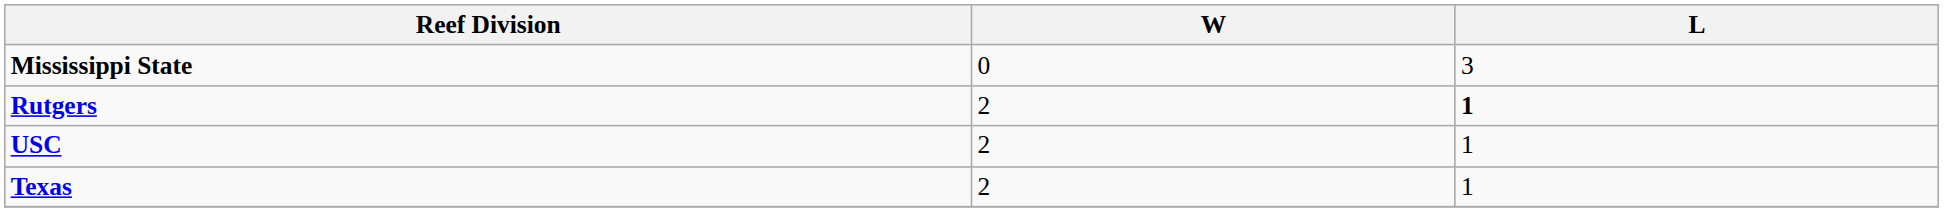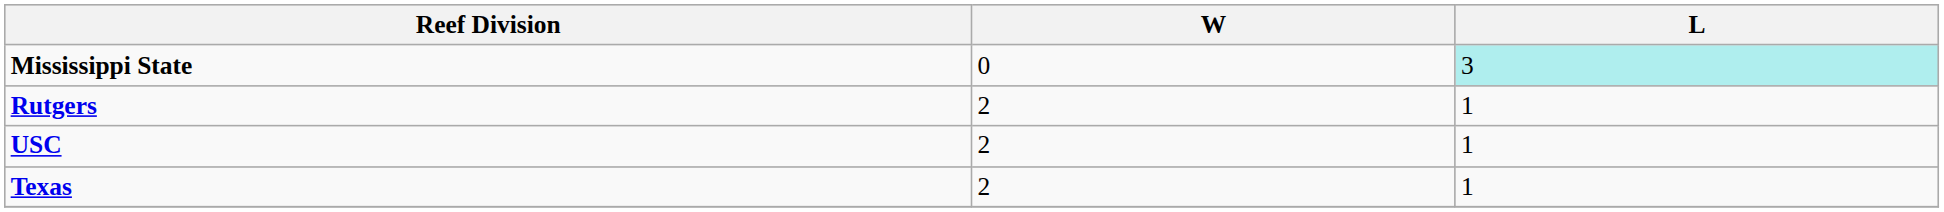 <table class="wikitable">
 <tr>
 <th bgcolor="#DDDDFF" width="10%">Reef Division</th>
 <th bgcolor="#DDDDFF" width="5%">W</th>
 <th bgcolor="#DDDDFF" width="5%">L</th>
 </tr>
 <tr>
 <td><strong>Mississippi State</strong></td>
 <td>0</td>
-<td>3</td>
+<td style="background: paleturquoise;">3</td>
 </tr>
 <tr>
 <td><strong><a href='#'>Rutgers</a></strong></td>
 <td>2</td>
-<td><strong>1</strong></td>
+<td>1</td>
 </tr>
 <tr>
 <td><strong><a href='#'>USC</a></strong></td>
 <td>2</td>
 <td>1</td>
 </tr>
 <tr>
 <td><strong><a href='#'>Texas</a></strong></td>
 <td>2</td>
 <td>1</td>
 </tr>
 <tr>
 </tr>
 </table>
